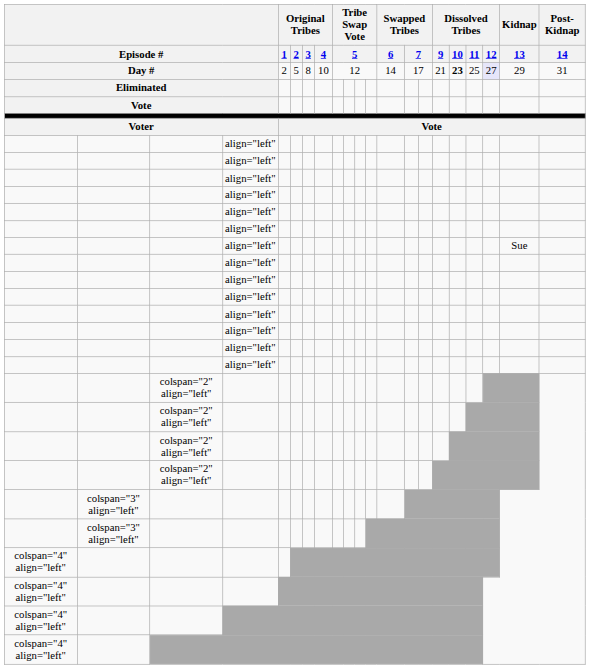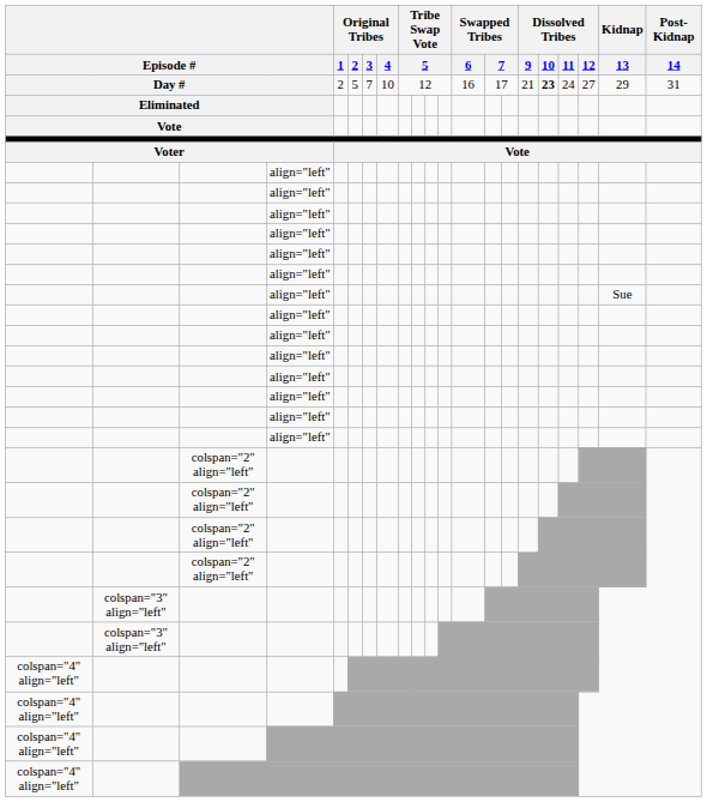 <table class="wikitable nowrap" style="text-align:center;">
 <tr>
 <th colspan="4"></th>
 <th colspan="4">Original Tribes</th>
 <th colspan="4">Tribe Swap Vote</th>
 <th colspan="3">Swapped Tribes</th>
 <th colspan="4">Dissolved Tribes</th>
 <th colspan="1">Kidnap</th>
 <th colspan="1">Post-Kidnap</th>
 </tr>
 <tr>
 <th colspan="4">Episode #</th>
 <th><a href='#'>1</a></th>
 <th><a href='#'>2</a></th>
 <th><a href='#'>3</a></th>
 <th><a href='#'>4</a></th>
 <th colspan="4"><a href='#'>5</a></th>
 <th><a href='#'>6</a></th>
 <th colspan="2"><a href='#'>7</a></th>
 <th><a href='#'>9</a></th>
 <th><a href='#'>10</a></th>
 <th><a href='#'>11</a></th>
 <th><a href='#'>12</a></th>
 <th><a href='#'>13</a></th>
 <th><a href='#'>14</a></th>
 </tr>
 <tr>
 <th colspan="4">Day #</th>
 <td>2</td>
 <td>5</td>
-<td>8</td>
+<td>7</td>
 <td>10</td>
 <td colspan="4">12</td>
-<td>14</td>
+<td>16</td>
 <td colspan="2">17</td>
 <td>21</td>
 <td><strong>23</strong></td>
-<td>25</td>
-<td style="background: lavender;">27</td>
+<td>24</td>
+<td>27</td>
 <td>29</td>
 <td>31</td>
 </tr>
 <tr>
 <th colspan="4">Eliminated</th>
 <td></td>
 <td></td>
 <td></td>
 <td></td>
 <td></td>
 <td></td>
 <td></td>
 <td></td>
 <td></td>
 <td></td>
 <td></td>
 <td></td>
 <td></td>
 <td></td>
 <td></td>
 <td></td>
 <td></td>
 </tr>
 <tr>
 <th colspan="4">Vote</th>
 <td></td>
 <td></td>
 <td></td>
 <td></td>
 <td></td>
 <td></td>
 <td></td>
 <td></td>
 <td></td>
 <td></td>
 <td></td>
 <td></td>
 <td></td>
 <td></td>
 <td></td>
 <td></td>
 <td></td>
 </tr>
 <tr>
 <td colspan="23" bgcolor="black"></td>
 </tr>
 <tr>
 <th colspan="4">Voter</th>
 <th colspan="17">Vote</th>
 </tr>
 <tr>
 <td></td>
 <td></td>
 <td></td>
 <td>align="left" </td>
 <td></td>
 <td></td>
 <td></td>
 <td></td>
 <td></td>
 <td></td>
 <td></td>
 <td></td>
 <td></td>
 <td></td>
 <td></td>
 <td></td>
 <td></td>
 <td></td>
 <td></td>
 <td></td>
 <td></td>
 </tr>
 <tr>
 <td></td>
 <td></td>
 <td></td>
 <td>align="left" </td>
 <td></td>
 <td></td>
 <td></td>
 <td></td>
 <td></td>
 <td></td>
 <td></td>
 <td></td>
 <td></td>
 <td></td>
 <td></td>
 <td></td>
 <td></td>
 <td></td>
 <td></td>
 <td></td>
 <td></td>
 </tr>
 <tr>
 <td></td>
 <td></td>
 <td></td>
 <td>align="left" </td>
 <td></td>
 <td></td>
 <td></td>
 <td></td>
 <td></td>
 <td></td>
 <td></td>
 <td></td>
 <td></td>
 <td></td>
 <td></td>
 <td></td>
 <td></td>
 <td></td>
 <td></td>
 <td></td>
 <td></td>
 </tr>
 <tr>
 <td></td>
 <td></td>
 <td></td>
 <td>align="left" </td>
 <td></td>
 <td></td>
 <td></td>
 <td></td>
 <td></td>
 <td></td>
 <td></td>
 <td></td>
 <td></td>
 <td></td>
 <td></td>
 <td></td>
 <td></td>
 <td></td>
 <td></td>
 <td></td>
 <td></td>
 </tr>
 <tr>
 <td></td>
 <td></td>
 <td></td>
 <td>align="left" </td>
 <td></td>
 <td></td>
 <td></td>
 <td></td>
 <td></td>
 <td></td>
 <td></td>
 <td></td>
 <td></td>
 <td></td>
 <td></td>
 <td></td>
 <td></td>
 <td></td>
 <td></td>
 <td></td>
 <td></td>
 </tr>
 <tr>
 <td></td>
 <td></td>
 <td></td>
 <td>align="left" </td>
 <td></td>
 <td></td>
 <td></td>
 <td></td>
 <td></td>
 <td></td>
 <td></td>
 <td></td>
 <td></td>
 <td></td>
 <td></td>
 <td></td>
 <td></td>
 <td></td>
 <td></td>
 <td></td>
 <td></td>
 </tr>
 <tr>
 <td></td>
 <td></td>
 <td></td>
 <td>align="left" </td>
 <td></td>
 <td></td>
 <td></td>
 <td></td>
 <td></td>
 <td></td>
 <td></td>
 <td></td>
 <td></td>
 <td></td>
 <td></td>
 <td></td>
 <td></td>
 <td></td>
 <td></td>
 <td><span>Sue</span></td>
 <td></td>
 </tr>
 <tr>
 <td></td>
 <td></td>
 <td></td>
 <td>align="left" </td>
 <td></td>
 <td></td>
 <td></td>
 <td></td>
 <td></td>
 <td></td>
 <td></td>
 <td></td>
 <td></td>
 <td></td>
 <td></td>
 <td></td>
 <td></td>
 <td></td>
 <td></td>
 <td></td>
 <td></td>
 </tr>
 <tr>
 <td></td>
 <td></td>
 <td></td>
 <td>align="left" </td>
 <td></td>
 <td></td>
 <td></td>
 <td></td>
 <td></td>
 <td></td>
 <td></td>
 <td></td>
 <td></td>
 <td></td>
 <td></td>
 <td></td>
 <td></td>
 <td></td>
 <td></td>
 <td></td>
 <td></td>
 </tr>
 <tr>
 <td></td>
 <td></td>
 <td></td>
 <td>align="left" </td>
 <td></td>
 <td></td>
 <td></td>
 <td></td>
 <td></td>
 <td></td>
 <td></td>
 <td></td>
 <td></td>
 <td></td>
 <td></td>
 <td></td>
 <td></td>
 <td></td>
 <td></td>
 <td></td>
 <td></td>
 </tr>
 <tr>
 <td></td>
 <td></td>
 <td></td>
 <td>align="left" </td>
 <td></td>
 <td></td>
 <td></td>
 <td></td>
 <td></td>
 <td></td>
 <td></td>
 <td></td>
 <td></td>
 <td></td>
 <td></td>
 <td></td>
 <td></td>
 <td></td>
 <td></td>
 <td></td>
 <td></td>
 </tr>
 <tr>
 <td></td>
 <td></td>
 <td></td>
 <td>align="left" </td>
 <td></td>
 <td></td>
 <td></td>
 <td></td>
 <td></td>
 <td></td>
 <td></td>
 <td></td>
 <td></td>
 <td></td>
 <td></td>
 <td></td>
 <td></td>
 <td></td>
 <td></td>
 <td></td>
 <td></td>
 </tr>
 <tr>
 <td></td>
 <td></td>
 <td></td>
 <td>align="left" </td>
 <td></td>
 <td></td>
 <td></td>
 <td></td>
 <td></td>
 <td></td>
 <td></td>
 <td></td>
 <td></td>
 <td></td>
 <td></td>
 <td></td>
 <td></td>
 <td></td>
 <td></td>
 <td></td>
 <td></td>
 </tr>
 <tr>
 <td></td>
 <td></td>
 <td></td>
 <td>align="left" </td>
 <td></td>
 <td></td>
 <td></td>
 <td></td>
 <td></td>
 <td></td>
 <td></td>
 <td></td>
 <td></td>
 <td></td>
 <td></td>
 <td></td>
 <td></td>
 <td></td>
 <td></td>
 <td></td>
 <td></td>
 </tr>
 <tr>
 <td></td>
 <td></td>
 <td>colspan="2" align="left" </td>
 <td></td>
 <td></td>
 <td></td>
 <td></td>
 <td></td>
 <td></td>
 <td></td>
 <td></td>
 <td></td>
 <td></td>
 <td></td>
 <td></td>
 <td></td>
 <td></td>
 <td></td>
 <td colspan="2" style="background:darkgrey;"></td>
 </tr>
 <tr>
 <td></td>
 <td></td>
 <td>colspan="2" align="left" </td>
 <td></td>
 <td></td>
 <td></td>
 <td></td>
 <td></td>
 <td></td>
 <td></td>
 <td></td>
 <td></td>
 <td></td>
 <td></td>
 <td></td>
 <td></td>
 <td></td>
 <td colspan="3" style="background:darkgrey;"></td>
 </tr>
 <tr>
 <td></td>
 <td></td>
 <td>colspan="2" align="left" </td>
 <td></td>
 <td></td>
 <td></td>
 <td></td>
 <td></td>
 <td></td>
 <td></td>
 <td></td>
 <td></td>
 <td></td>
 <td></td>
 <td></td>
 <td></td>
 <td colspan="4" style="background:darkgrey;"></td>
 </tr>
 <tr>
 <td></td>
 <td></td>
 <td>colspan="2" align="left" </td>
 <td></td>
 <td></td>
 <td></td>
 <td></td>
 <td></td>
 <td></td>
 <td></td>
 <td></td>
 <td></td>
 <td></td>
 <td></td>
 <td></td>
 <td colspan="5" style="background:darkgrey;"></td>
 </tr>
 <tr>
 <td></td>
 <td>colspan="3" align="left" </td>
 <td></td>
 <td></td>
 <td></td>
 <td></td>
 <td></td>
 <td></td>
 <td></td>
 <td></td>
 <td></td>
 <td></td>
 <td></td>
 <td colspan="6" style="background:darkgrey;"></td>
 </tr>
 <tr>
 <td></td>
 <td>colspan="3" align="left" </td>
 <td></td>
 <td></td>
 <td></td>
 <td></td>
 <td></td>
 <td></td>
 <td></td>
 <td></td>
 <td></td>
 <td colspan="8" style="background:darkgrey;"></td>
 </tr>
 <tr>
 <td>colspan="4" align="left" </td>
 <td></td>
 <td></td>
 <td></td>
 <td></td>
 <td colspan="14" style="background:darkgrey;"></td>
 </tr>
 <tr>
 <td>colspan="4" align="left" </td>
 <td></td>
 <td></td>
 <td></td>
 <td colspan="14" style="background:darkgrey;"></td>
 </tr>
 <tr>
 <td>colspan="4" align="left" </td>
 <td></td>
 <td></td>
 <td colspan="15" style="background:darkgrey;"></td>
 </tr>
 <tr>
 <td>colspan="4" align="left" </td>
 <td></td>
 <td colspan="16" style="background:darkgrey;"></td>
 </tr>
 </table>
